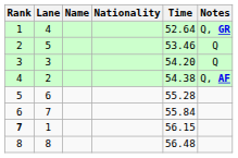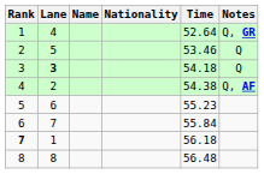 <table class="wikitable sortable" style="text-align:center">
 <tr>
 <th>Rank</th>
 <th>Lane</th>
 <th>Name</th>
 <th>Nationality</th>
 <th>Time</th>
 <th>Notes</th>
 </tr>
 <tr bgcolor=ccffcc>
 <td>1</td>
 <td>4</td>
 <td align="left"></td>
 <td align="left"></td>
 <td>52.64</td>
 <td>Q, <strong><a href='#'>GR</a></strong></td>
 </tr>
 <tr bgcolor=ccffcc>
 <td>2</td>
 <td>5</td>
 <td align="left"></td>
 <td align="left"></td>
 <td>53.46</td>
 <td>Q</td>
 </tr>
 <tr bgcolor=ccffcc>
 <td>3</td>
-<td>3</td>
+<td><strong>3</strong></td>
 <td align="left"></td>
 <td align="left"></td>
-<td>54.20</td>
+<td>54.18</td>
 <td>Q</td>
 </tr>
 <tr bgcolor=ccffcc>
 <td>4</td>
 <td>2</td>
 <td align="left"></td>
 <td align="left"></td>
 <td>54.38</td>
 <td>Q, <strong><a href='#'>AF</a></strong></td>
 </tr>
 <tr>
 <td>5</td>
 <td>6</td>
 <td align="left"></td>
 <td align="left"></td>
-<td>55.28</td>
+<td>55.23</td>
 <td></td>
 </tr>
 <tr>
 <td>6</td>
 <td>7</td>
 <td align="left"></td>
 <td align="left"></td>
 <td>55.84</td>
 <td></td>
 </tr>
 <tr>
 <td><strong>7</strong></td>
 <td>1</td>
 <td align="left"></td>
 <td align="left"></td>
-<td>56.15</td>
+<td>56.18</td>
 <td></td>
 </tr>
 <tr>
 <td>8</td>
 <td>8</td>
 <td align="left"></td>
 <td align="left"></td>
 <td>56.48</td>
 <td></td>
 </tr>
 </table>
